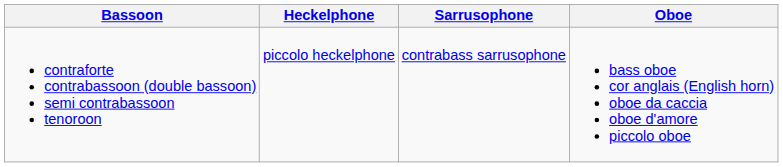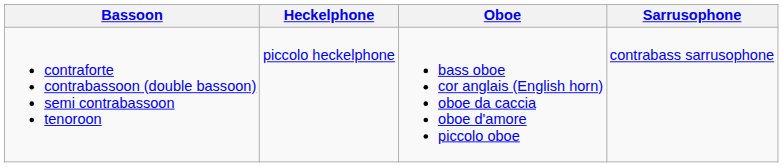 <table class="wikitable">
 <tr>
 <th scope="col"><a href='#'>Bassoon</a></th>
 <th scope="col"><a href='#'>Heckelphone</a></th>
+<th scope="col"><a href='#'>Oboe</a></th>
 <th scope="col"><a href='#'>Sarrusophone</a></th>
-<th scope="col"><a href='#'>Oboe</a></th>
 </tr>
 <tr style="vertical-align: top;">
 <td><br><ul><li><a href='#'>contraforte</a></li><li><a href='#'>contrabassoon (double bassoon)</a></li><li><a href='#'>semi contrabassoon</a></li><li><a href='#'>tenoroon</a></li></ul></td>
 <td><br><a href='#'>piccolo heckelphone</a></td>
+<td><br><ul><li><a href='#'>bass oboe</a></li><li><a href='#'>cor anglais (English horn)</a></li><li><a href='#'>oboe da caccia</a></li><li><a href='#'>oboe d'amore</a></li><li><a href='#'>piccolo oboe</a></li></ul></td>
 <td><br><a href='#'>contrabass sarrusophone</a></td>
-<td><br><ul><li><a href='#'>bass oboe</a></li><li><a href='#'>cor anglais (English horn)</a></li><li><a href='#'>oboe da caccia</a></li><li><a href='#'>oboe d'amore</a></li><li><a href='#'>piccolo oboe</a></li></ul></td>
 </tr>
 </table>
